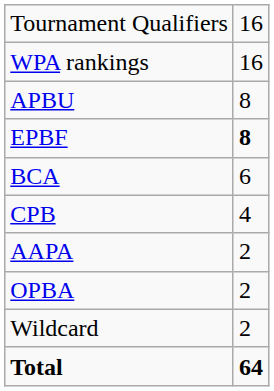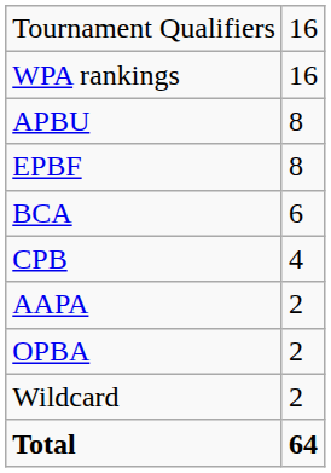 <table class="wikitable sortable">
 <tr>
 <td>Tournament Qualifiers</td>
 <td>16</td>
 </tr>
 <tr>
 <td><a href='#'>WPA</a> rankings</td>
 <td>16</td>
 </tr>
 <tr>
 <td><a href='#'>APBU</a></td>
 <td>8</td>
 </tr>
 <tr>
 <td><a href='#'>EPBF</a></td>
-<td><strong>8</strong></td>
+<td>8</td>
 </tr>
 <tr>
 <td><a href='#'>BCA</a></td>
 <td>6</td>
 </tr>
 <tr>
 <td><a href='#'>CPB</a></td>
 <td>4</td>
 </tr>
 <tr>
 <td><a href='#'>AAPA</a></td>
 <td>2</td>
 </tr>
 <tr>
 <td><a href='#'>OPBA</a></td>
 <td>2</td>
 </tr>
 <tr>
 <td>Wildcard</td>
 <td>2</td>
 </tr>
 <tr>
 <td><strong>Total</strong></td>
 <td><strong>64</strong></td>
 </tr>
 </table>
